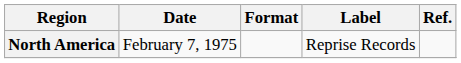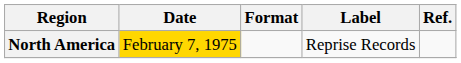 <table class="wikitable plainrowheaders">
 <tr>
 <th scope="col">Region</th>
 <th scope="col">Date</th>
 <th scope="col">Format</th>
 <th scope="col">Label</th>
 <th scope="col">Ref.</th>
 </tr>
 <tr>
 <th scope="row">North America</th>
-<td>February 7, 1975</td>
+<td style="background: gold;">February 7, 1975</td>
 <td></td>
 <td>Reprise Records</td>
 <td></td>
 </tr>
 <tr>
 </tr>
 </table>
